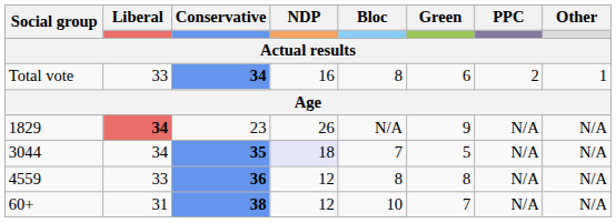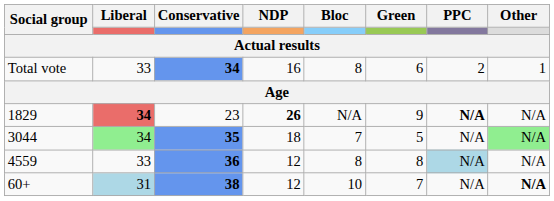 <table class="wikitable" style="text-align:right">
 <tr>
 <th style="width:90px;" rowspan="2">Social group</th>
 <th style="width:60px;">Liberal</th>
 <th style="width:60px;">Conservative</th>
 <th style="width:60px;">NDP</th>
 <th style="width:60px;">Bloc</th>
 <th style="width:60px;">Green</th>
 <th style="width:60px;">PPC</th>
 <th style="width:60px;">Other</th>
 </tr>
 <tr>
 <th style="background-color:#EA6D6A;"></th>
 <th style="background-color:#6495ED;"></th>
 <th style="background-color:#F4A460;"></th>
 <th style="background-color:#87CEFA;"></th>
 <th style="background-color:#99C955;"></th>
 <th style="background-color:#83789E;"></th>
 <th style="background-color:#DCDCDC;"></th>
 </tr>
 <tr>
 <th colspan="8">Actual results</th>
 </tr>
 <tr>
 <td style="text-align:left">Total vote</td>
 <td>33</td>
 <td style="background-color:#6495ED;"><strong>34</strong></td>
 <td>16</td>
 <td>8</td>
 <td>6</td>
 <td>2</td>
 <td>1</td>
 </tr>
 <tr>
 <th colspan="8">Age</th>
 </tr>
 <tr>
 <td style="text-align:left">1829</td>
 <td style="background-color:#EA6D6A;"><strong>34</strong></td>
 <td>23</td>
-<td>26</td>
+<td><strong>26</strong></td>
 <td>N/A</td>
 <td>9</td>
-<td>N/A</td>
+<td><strong>N/A</strong></td>
 <td>N/A</td>
 </tr>
 <tr>
 <td style="text-align:left">3044</td>
-<td>34</td>
+<td style="background: lightgreen;">34</td>
 <td style="background-color:#6495ED;"><strong>35</strong></td>
-<td style="background: lavender;">18</td>
+<td>18</td>
 <td>7</td>
 <td>5</td>
 <td>N/A</td>
-<td>N/A</td>
+<td style="background: lightgreen;">N/A</td>
 </tr>
 <tr>
 <td style="text-align:left">4559</td>
 <td>33</td>
 <td style="background-color:#6495ED;"><strong>36</strong></td>
 <td>12</td>
 <td>8</td>
 <td>8</td>
-<td>N/A</td>
+<td style="background: lightblue;">N/A</td>
 <td>N/A</td>
 </tr>
 <tr>
 <td style="text-align:left">60+</td>
-<td>31</td>
+<td style="background: lightblue;">31</td>
 <td style="background-color:#6495ED;"><strong>38</strong></td>
 <td>12</td>
 <td>10</td>
 <td>7</td>
 <td>N/A</td>
-<td>N/A</td>
+<td><strong>N/A</strong></td>
 </tr>
 </table>
